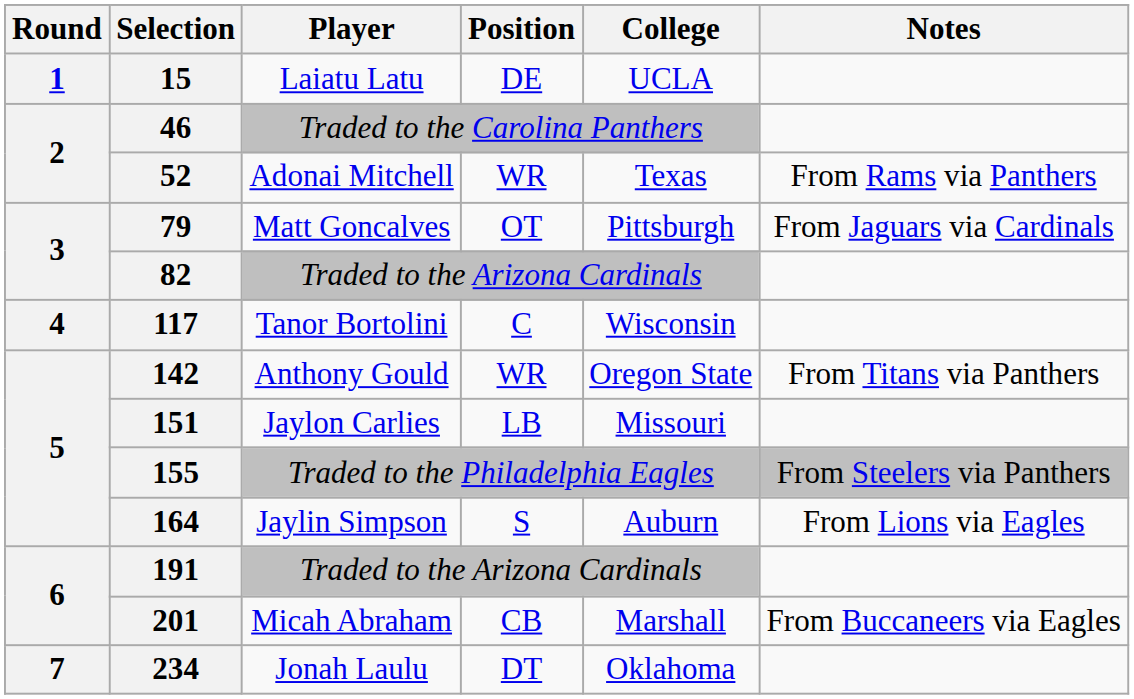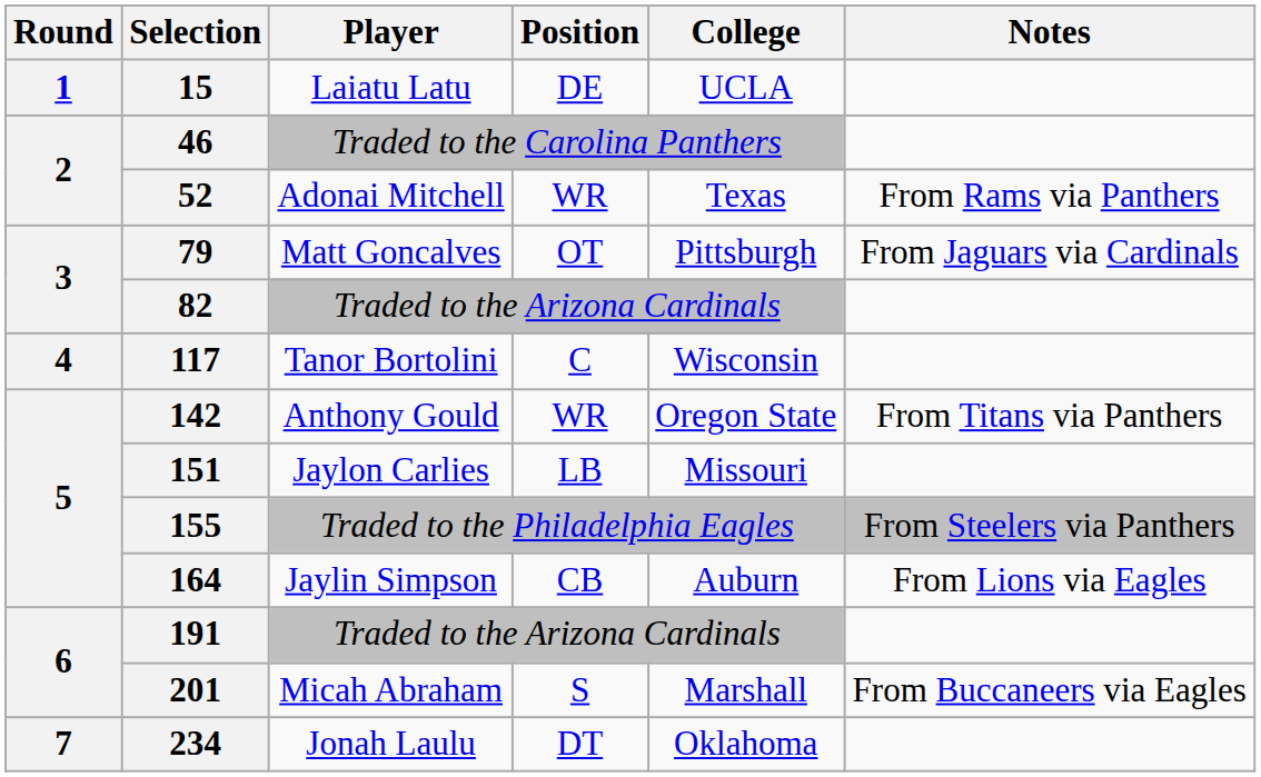 <table class="wikitable" style="text-align:center">
 <tr>
 <th>Round</th>
 <th>Selection</th>
 <th>Player</th>
 <th>Position</th>
 <th>College</th>
 <th>Notes</th>
 </tr>
 <tr>
 <th><a href='#'>1</a></th>
 <th>15</th>
 <td><a href='#'>Laiatu Latu</a></td>
 <td><a href='#'>DE</a></td>
 <td><a href='#'>UCLA</a></td>
 <td></td>
 </tr>
 <tr>
 <th rowspan="2">2</th>
 <th>46</th>
 <td colspan="3" style="background:#BFBFBF"><em>Traded to the <a href='#'>Carolina Panthers</a></em></td>
 <td></td>
 </tr>
 <tr>
 <th>52</th>
 <td><a href='#'>Adonai Mitchell</a></td>
 <td><a href='#'>WR</a></td>
 <td><a href='#'>Texas</a></td>
 <td>From <a href='#'>Rams</a> via <a href='#'>Panthers</a></td>
 </tr>
 <tr>
 <th rowspan="2">3</th>
 <th>79</th>
 <td><a href='#'>Matt Goncalves</a></td>
 <td><a href='#'>OT</a></td>
 <td><a href='#'>Pittsburgh</a></td>
 <td>From <a href='#'>Jaguars</a> via <a href='#'>Cardinals</a></td>
 </tr>
 <tr>
 <th>82</th>
 <td colspan="3" style="background:#BFBFBF"><em>Traded to the <a href='#'>Arizona Cardinals</a></em></td>
 <td></td>
 </tr>
 <tr>
 <th>4</th>
 <th>117</th>
 <td><a href='#'>Tanor Bortolini</a></td>
 <td><a href='#'>C</a></td>
 <td><a href='#'>Wisconsin</a></td>
 <td></td>
 </tr>
 <tr>
 <th rowspan="4">5</th>
 <th>142</th>
 <td><a href='#'>Anthony Gould</a></td>
 <td><a href='#'>WR</a></td>
 <td><a href='#'>Oregon State</a></td>
 <td>From <a href='#'>Titans</a> via Panthers</td>
 </tr>
 <tr>
 <th>151</th>
 <td><a href='#'>Jaylon Carlies</a></td>
 <td><a href='#'>LB</a></td>
 <td><a href='#'>Missouri</a></td>
 </tr>
 <tr>
 <th>155</th>
 <td colspan="3" style="background:#BFBFBF"><em>Traded to the <a href='#'>Philadelphia Eagles</a></em></td>
 <td style="background:#BFBFBF">From <a href='#'>Steelers</a> via Panthers</td>
 </tr>
 <tr>
 <th>164</th>
 <td><a href='#'>Jaylin Simpson</a></td>
-<td><a href='#'>S</a></td>
+<td><a href='#'>CB</a></td>
 <td><a href='#'>Auburn</a></td>
 <td>From <a href='#'>Lions</a> via <a href='#'>Eagles</a></td>
 </tr>
 <tr>
 <th rowspan="2">6</th>
 <th>191</th>
 <td colspan="3" style="background:#BFBFBF"><em>Traded to the Arizona Cardinals</em></td>
 <td></td>
 </tr>
 <tr>
 <th>201</th>
 <td><a href='#'>Micah Abraham</a></td>
-<td><a href='#'>CB</a></td>
+<td><a href='#'>S</a></td>
 <td><a href='#'>Marshall</a></td>
 <td>From <a href='#'>Buccaneers</a> via Eagles</td>
 </tr>
 <tr>
 <th>7</th>
 <th>234</th>
 <td><a href='#'>Jonah Laulu</a></td>
 <td><a href='#'>DT</a></td>
 <td><a href='#'>Oklahoma</a></td>
 </tr>
 </table>
